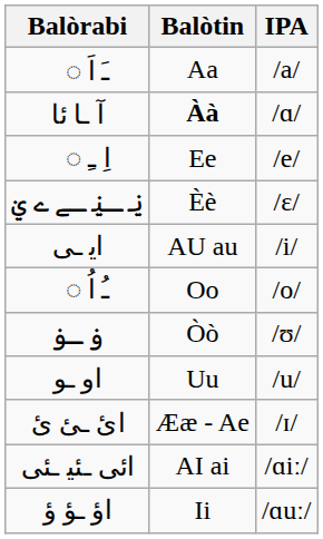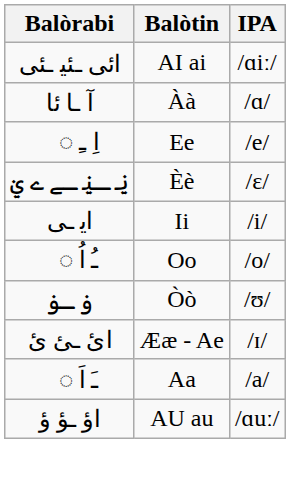 <table class="wikitable" style="text-align:center">
 <tr>
 <th scope="col">Balòrabi</th>
 <th scope="col">Balòtin</th>
 <th scope="col">IPA</th>
 </tr>
 <tr>
-<td>◌َ ـَ اَ</td>
-<td>Aa</td>
-<td>/a/</td>
+<td>ائی ـئی‍ ـئی</td>
+<td>AI ai</td>
+<td>/ɑiː/</td>
 </tr>
 <tr>
 <td>آ ـا ئا</td>
-<td><strong>Àà</strong></td>
+<td>Àà</td>
 <td>/ɑ/</td>
 </tr>
 <tr>
 <td>◌ِ اِ ـِ</td>
 <td>Ee</td>
 <td>/e/</td>
 </tr>
 <tr>
 <td>ݔ‍ ـݔ‍ ـے ے ࢩ</td>
 <td>Èè</td>
 <td>/ɛ/</td>
 </tr>
 <tr>
 <td>ای‍ ـی</td>
-<td>AU au</td>
+<td>Ii</td>
 <td>/i/</td>
 </tr>
 <tr>
 <td>◌ُ ـُ اُ</td>
 <td>Oo</td>
 <td>/o/</td>
 </tr>
 <tr>
 <td>ۏ ـۏ</td>
 <td>Òò</td>
 <td>/ʊ/</td>
 </tr>
 <tr>
-<td>او ـو</td>
-<td>Uu</td>
-<td>/u/</td>
-</tr>
-<tr>
 <td>ائ ـئ ئ</td>
 <td>Ææ - Ae</td>
 <td>/ɪ/</td>
 </tr>
 <tr>
-<td>ائی ـئی‍ ـئی</td>
-<td>AI ai</td>
-<td>/ɑiː/</td>
+<td>◌َ ـَ اَ</td>
+<td>Aa</td>
+<td>/a/</td>
 </tr>
 <tr>
 <td>اؤ ـؤ ؤ</td>
-<td>Ii</td>
+<td>AU au</td>
 <td>/ɑuː/</td>
 </tr>
 </table>
